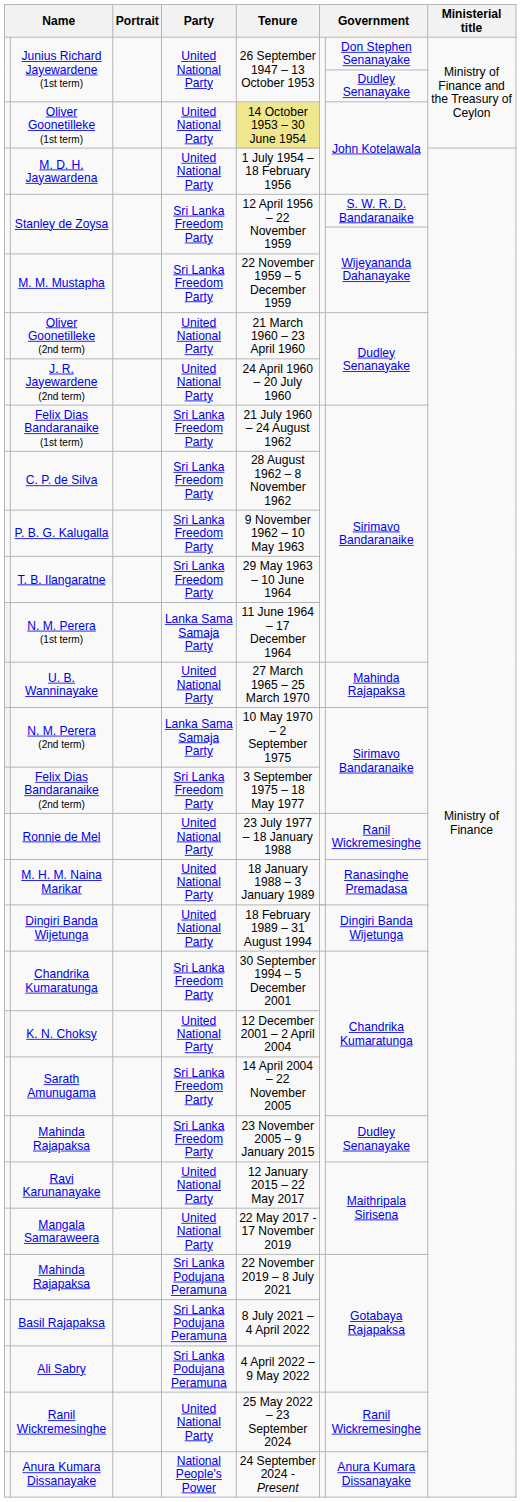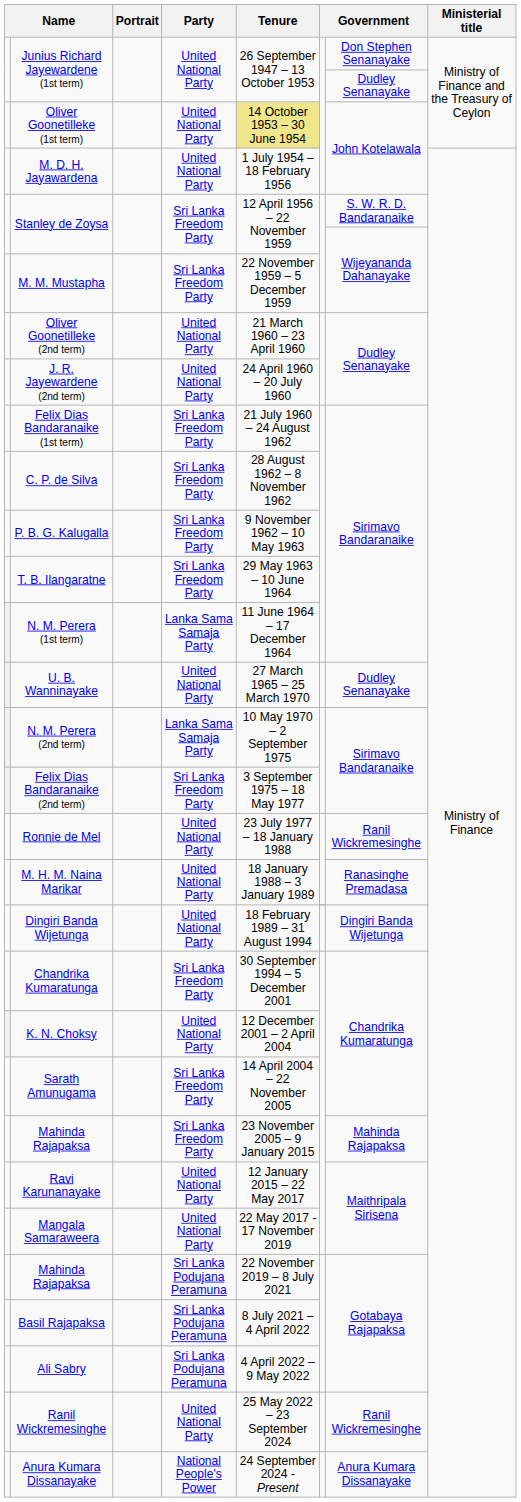 <table class="wikitable" style="font-size:90%; text-align:center;">
 <tr>
 <th colspan="2">Name</th>
 <th>Portrait</th>
 <th>Party</th>
 <th>Tenure</th>
 <th colspan="2">Government</th>
 <th>Ministerial title</th>
 </tr>
 <tr>
 <td rowspan="2" !align="center" style="background:"></td>
 <td rowspan ="2"><a href='#'>Junius Richard Jayewardene</a><br><small>(1st term)</small></td>
 <td rowspan ="2"></td>
 <td rowspan ="2"><a href='#'>United National Party</a></td>
 <td rowspan ="2">26 September 1947 – 13 October 1953</td>
 <td rowspan="4" !align="center" style="background:"></td>
 <td><a href='#'>Don Stephen Senanayake</a></td>
 <td rowspan ="3">Ministry of Finance and the Treasury of Ceylon</td>
 </tr>
 <tr>
 <td><a href='#'>Dudley Senanayake</a></td>
 </tr>
 <tr>
 <td rowspan="1" !align="center" style="background:"></td>
 <td><a href='#'>Oliver Goonetilleke</a><br><small>(1st term)</small></td>
 <td></td>
 <td><a href='#'>United National Party</a></td>
 <td style="background: khaki;">14 October 1953 – 30 June 1954</td>
 <td rowspan ="2"><a href='#'>John Kotelawala</a></td>
 </tr>
 <tr>
 <td rowspan="1" !align="center" style="background:"></td>
 <td><a href='#'>M. D. H. Jayawardena</a></td>
 <td></td>
 <td><a href='#'>United National Party</a></td>
 <td>1 July 1954 – 18 February 1956</td>
 <td rowspan ="31">Ministry of Finance</td>
 </tr>
 <tr>
 <td rowspan="2" !align="center" style="background:"></td>
 <td rowspan ="2"><a href='#'>Stanley de Zoysa</a></td>
 <td rowspan ="2"></td>
 <td rowspan ="2"><a href='#'>Sri Lanka Freedom Party</a></td>
 <td rowspan ="2">12 April 1956 – 22 November 1959</td>
 <td rowspan="3" style="background: "></td>
 <td><a href='#'>S. W. R. D. Bandaranaike</a></td>
 </tr>
 <tr>
 <td rowspan ="2"><a href='#'>Wijeyananda Dahanayake</a></td>
 </tr>
 <tr>
 <td rowspan="1" !align="center" style="background:"></td>
 <td><a href='#'>M. M. Mustapha</a></td>
 <td></td>
 <td><a href='#'>Sri Lanka Freedom Party</a></td>
 <td>22 November 1959 – 5 December 1959</td>
 </tr>
 <tr>
 <td rowspan="1" !align="center" style="background:"></td>
 <td><a href='#'>Oliver Goonetilleke</a><br><small>(2nd term)</small></td>
 <td></td>
 <td><a href='#'>United National Party</a></td>
 <td>21 March 1960 – 23 April 1960</td>
 <td rowspan="2" style="background: "></td>
 <td rowspan ="2"><a href='#'>Dudley Senanayake</a></td>
 </tr>
 <tr>
 <td rowspan="1" !align="center" style="background:"></td>
 <td><a href='#'>J. R. Jayewardene</a><br><small>(2nd term)</small></td>
 <td></td>
 <td><a href='#'>United National Party</a></td>
 <td>24 April 1960 – 20 July 1960</td>
 </tr>
 <tr>
 <td rowspan="1" !align="center" style="background:"></td>
 <td><a href='#'>Felix Dias Bandaranaike</a><br><small>(1st term)</small></td>
 <td></td>
 <td><a href='#'>Sri Lanka Freedom Party</a></td>
 <td>21 July 1960 – 24 August 1962</td>
 <td rowspan="5" style="background: "></td>
 <td rowspan ="5"><a href='#'>Sirimavo Bandaranaike</a></td>
 </tr>
 <tr>
 <td rowspan="1" !align="center" style="background:"></td>
 <td><a href='#'>C. P. de Silva</a></td>
 <td></td>
 <td><a href='#'>Sri Lanka Freedom Party</a></td>
 <td>28 August 1962 – 8 November 1962</td>
 </tr>
 <tr>
 <td rowspan="1" !align="center" style="background:"></td>
 <td><a href='#'>P. B. G. Kalugalla</a></td>
 <td></td>
 <td><a href='#'>Sri Lanka Freedom Party</a></td>
 <td>9 November 1962 – 10 May 1963</td>
 </tr>
 <tr>
 <td rowspan="1" !align="center" style="background:"></td>
 <td><a href='#'>T. B. Ilangaratne</a></td>
 <td></td>
 <td><a href='#'>Sri Lanka Freedom Party</a></td>
 <td>29 May 1963 – 10 June 1964</td>
 </tr>
 <tr>
 <th align="center" style="background:"></th>
 <td><a href='#'>N. M. Perera</a><br><small>(1st term)</small></td>
 <td></td>
 <td><a href='#'>Lanka Sama Samaja Party</a></td>
 <td>11 June 1964 – 17 December 1964</td>
 </tr>
 <tr>
 <th align="center" style="background:"></th>
 <td><a href='#'>U. B. Wanninayake</a></td>
 <td></td>
 <td><a href='#'>United National Party</a></td>
 <td>27 March 1965 – 25 March 1970</td>
 <td style="background: "></td>
-<td><a href='#'>Mahinda Rajapaksa</a></td>
+<td><a href='#'>Dudley Senanayake</a></td>
 </tr>
 <tr>
 <th align="center" style="background:"></th>
 <td><a href='#'>N. M. Perera</a><br><small>(2nd term)</small></td>
 <td></td>
 <td><a href='#'>Lanka Sama Samaja Party</a></td>
 <td>10 May 1970 – 2 September 1975</td>
 <td rowspan="2" style="background: "></td>
 <td rowspan ="2"><a href='#'>Sirimavo Bandaranaike</a></td>
 </tr>
 <tr>
 <th align="center" style="background:"></th>
 <td><a href='#'>Felix Dias Bandaranaike</a><br><small>(2nd term)</small></td>
 <td></td>
 <td><a href='#'>Sri Lanka Freedom Party</a></td>
 <td>3 September 1975 – 18 May 1977</td>
 </tr>
 <tr>
 <td rowspan="1" !align="center" style="background:"></td>
 <td><a href='#'>Ronnie de Mel</a></td>
 <td></td>
 <td><a href='#'>United National Party</a></td>
 <td>23 July 1977 – 18 January 1988</td>
 <td rowspan="2" style="background: "></td>
 <td><a href='#'>Ranil Wickremesinghe</a></td>
 </tr>
 <tr>
 <td rowspan="1" !align="center" style="background:"></td>
 <td><a href='#'>M. H. M. Naina Marikar</a></td>
 <td></td>
 <td><a href='#'>United National Party</a></td>
 <td>18 January 1988 – 3 January 1989</td>
 <td rowspan ="2"><a href='#'>Ranasinghe Premadasa</a></td>
 </tr>
 <tr>
 <td rowspan="2" !align="center" style="background:"></td>
 <td rowspan="2"><a href='#'>Dingiri Banda Wijetunga</a></td>
 <td rowspan="2"></td>
 <td rowspan="2"><a href='#'>United National Party</a></td>
 <td rowspan="2">18 February 1989 – 31 August 1994</td>
 </tr>
 <tr>
 <td rowspan="2" style="background: "></td>
 <td rowspan="2"><a href='#'>Dingiri Banda Wijetunga</a></td>
 </tr>
 <tr>
 <td rowspan="2" !align="center" style="background:"></td>
 <td rowspan="2"><a href='#'>Chandrika Kumaratunga</a></td>
 <td rowspan="2"></td>
 <td rowspan="2"><a href='#'>Sri Lanka Freedom Party</a></td>
 <td rowspan="2">30 September 1994 – 5 December 2001</td>
 </tr>
 <tr>
 <td rowspan="6" style="background: "></td>
 <td rowspan="3"><a href='#'>Chandrika Kumaratunga</a></td>
 </tr>
 <tr>
 <th align="center" style="background:"></th>
 <td><a href='#'>K. N. Choksy</a></td>
 <td></td>
 <td><a href='#'>United National Party</a></td>
 <td>12 December 2001 – 2 April 2004</td>
 </tr>
 <tr>
 <td rowspan="1" !align="center" style="background:"></td>
 <td><a href='#'>Sarath Amunugama</a></td>
 <td></td>
 <td><a href='#'>Sri Lanka Freedom Party</a></td>
 <td>14 April 2004 – 22 November 2005</td>
 </tr>
 <tr>
 <td rowspan="1" !align="center" style="background:"></td>
 <td><a href='#'>Mahinda Rajapaksa</a></td>
 <td></td>
 <td><a href='#'>Sri Lanka Freedom Party</a></td>
 <td>23 November 2005 – 9 January 2015</td>
-<td><a href='#'>Dudley Senanayake</a></td>
+<td><a href='#'>Mahinda Rajapaksa</a></td>
 </tr>
 <tr>
 <td rowspan="1" !align="center" style="background:"></td>
 <td><a href='#'>Ravi Karunanayake</a></td>
 <td></td>
 <td><a href='#'>United National Party</a></td>
 <td>12 January 2015 – 22 May 2017</td>
 <td rowspan ="2"><a href='#'>Maithripala Sirisena</a></td>
 </tr>
 <tr>
 <td rowspan="1" !align="center" style="background:"></td>
 <td><a href='#'>Mangala Samaraweera</a></td>
 <td></td>
 <td><a href='#'>United National Party</a></td>
 <td>22 May 2017 - 17 November 2019</td>
 </tr>
 <tr>
 <td rowspan="1" !align="center" style="background:"></td>
 <td><a href='#'>Mahinda Rajapaksa</a></td>
 <td></td>
 <td><a href='#'>Sri Lanka Podujana Peramuna</a></td>
 <td>22 November 2019 – 8 July 2021</td>
 <td rowspan="4" style="background: "></td>
 <td rowspan ="4"><a href='#'>Gotabaya Rajapaksa</a></td>
 </tr>
 <tr>
 <td rowspan="1" !align="center" style="background:"></td>
 <td><a href='#'>Basil Rajapaksa</a></td>
 <td></td>
 <td><a href='#'>Sri Lanka Podujana Peramuna</a></td>
 <td>8 July 2021 – 4 April 2022</td>
 </tr>
 <tr>
 <td rowspan="1" !align="center" style="background:"></td>
 <td><a href='#'>Ali Sabry</a></td>
 <td></td>
 <td><a href='#'>Sri Lanka Podujana Peramuna</a></td>
 <td>4 April 2022 – 9 May 2022</td>
 </tr>
 <tr>
 <td rowspan="2" !align="center" style="background:"></td>
 <td rowspan ="2"><a href='#'>Ranil Wickremesinghe</a></td>
 <td rowspan ="2"></td>
 <td rowspan ="2"><a href='#'>United National Party</a></td>
 <td rowspan ="2">25 May 2022 – 23 September 2024</td>
 </tr>
 <tr>
 <td style="background: "></td>
 <td><a href='#'>Ranil Wickremesinghe</a></td>
 </tr>
 <tr>
 <td style="background: "></td>
 <td><a href='#'>Anura Kumara Dissanayake</a></td>
 <td></td>
 <td><a href='#'>National People's Power</a></td>
 <td>24 September 2024 - <em>Present</em></td>
 <td style="background: "></td>
 <td><a href='#'>Anura Kumara Dissanayake</a></td>
 </tr>
 </table>
